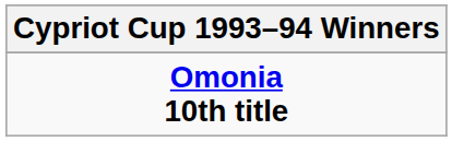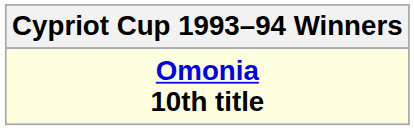 <table class="wikitable" style="text-align:center;margin: 0 auto;">
 <tr>
 <th>Cypriot Cup 1993–94 Winners</th>
 </tr>
 <tr>
 </tr>
 <tr>
-<td><strong><a href='#'>Omonia</a></strong><br><strong>10th title</strong></td>
+<td style="background: lightyellow;"><strong><a href='#'>Omonia</a></strong><br><strong>10th title</strong></td>
 </tr>
 </table>
